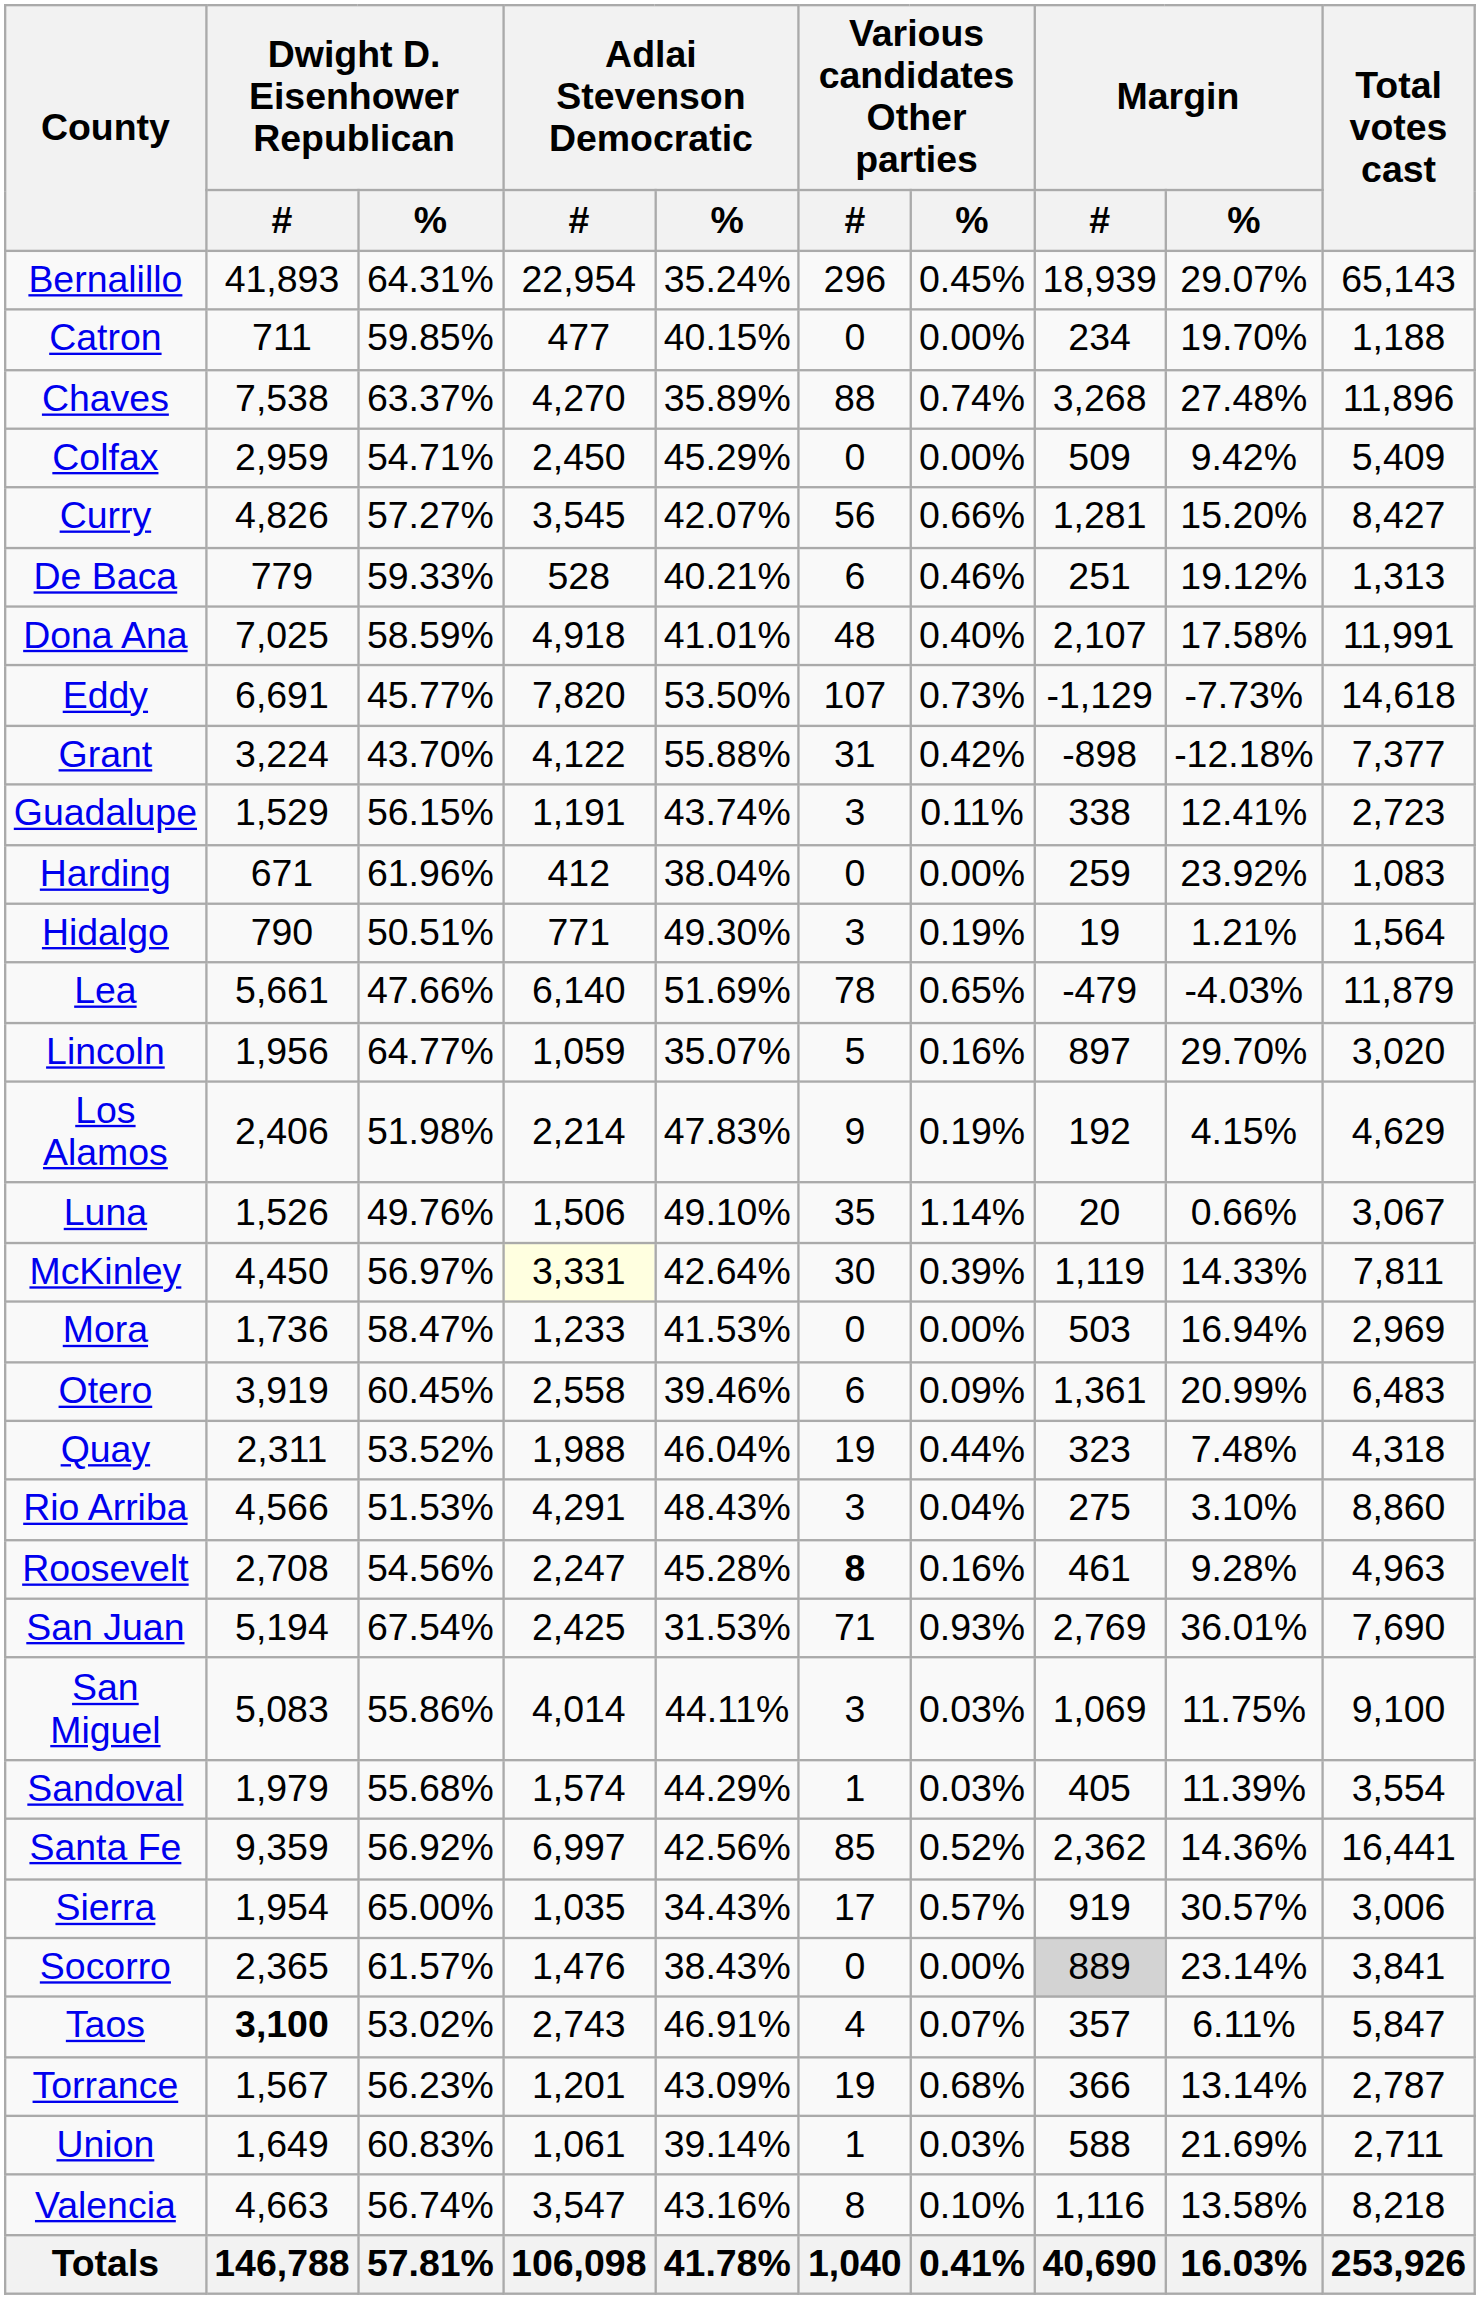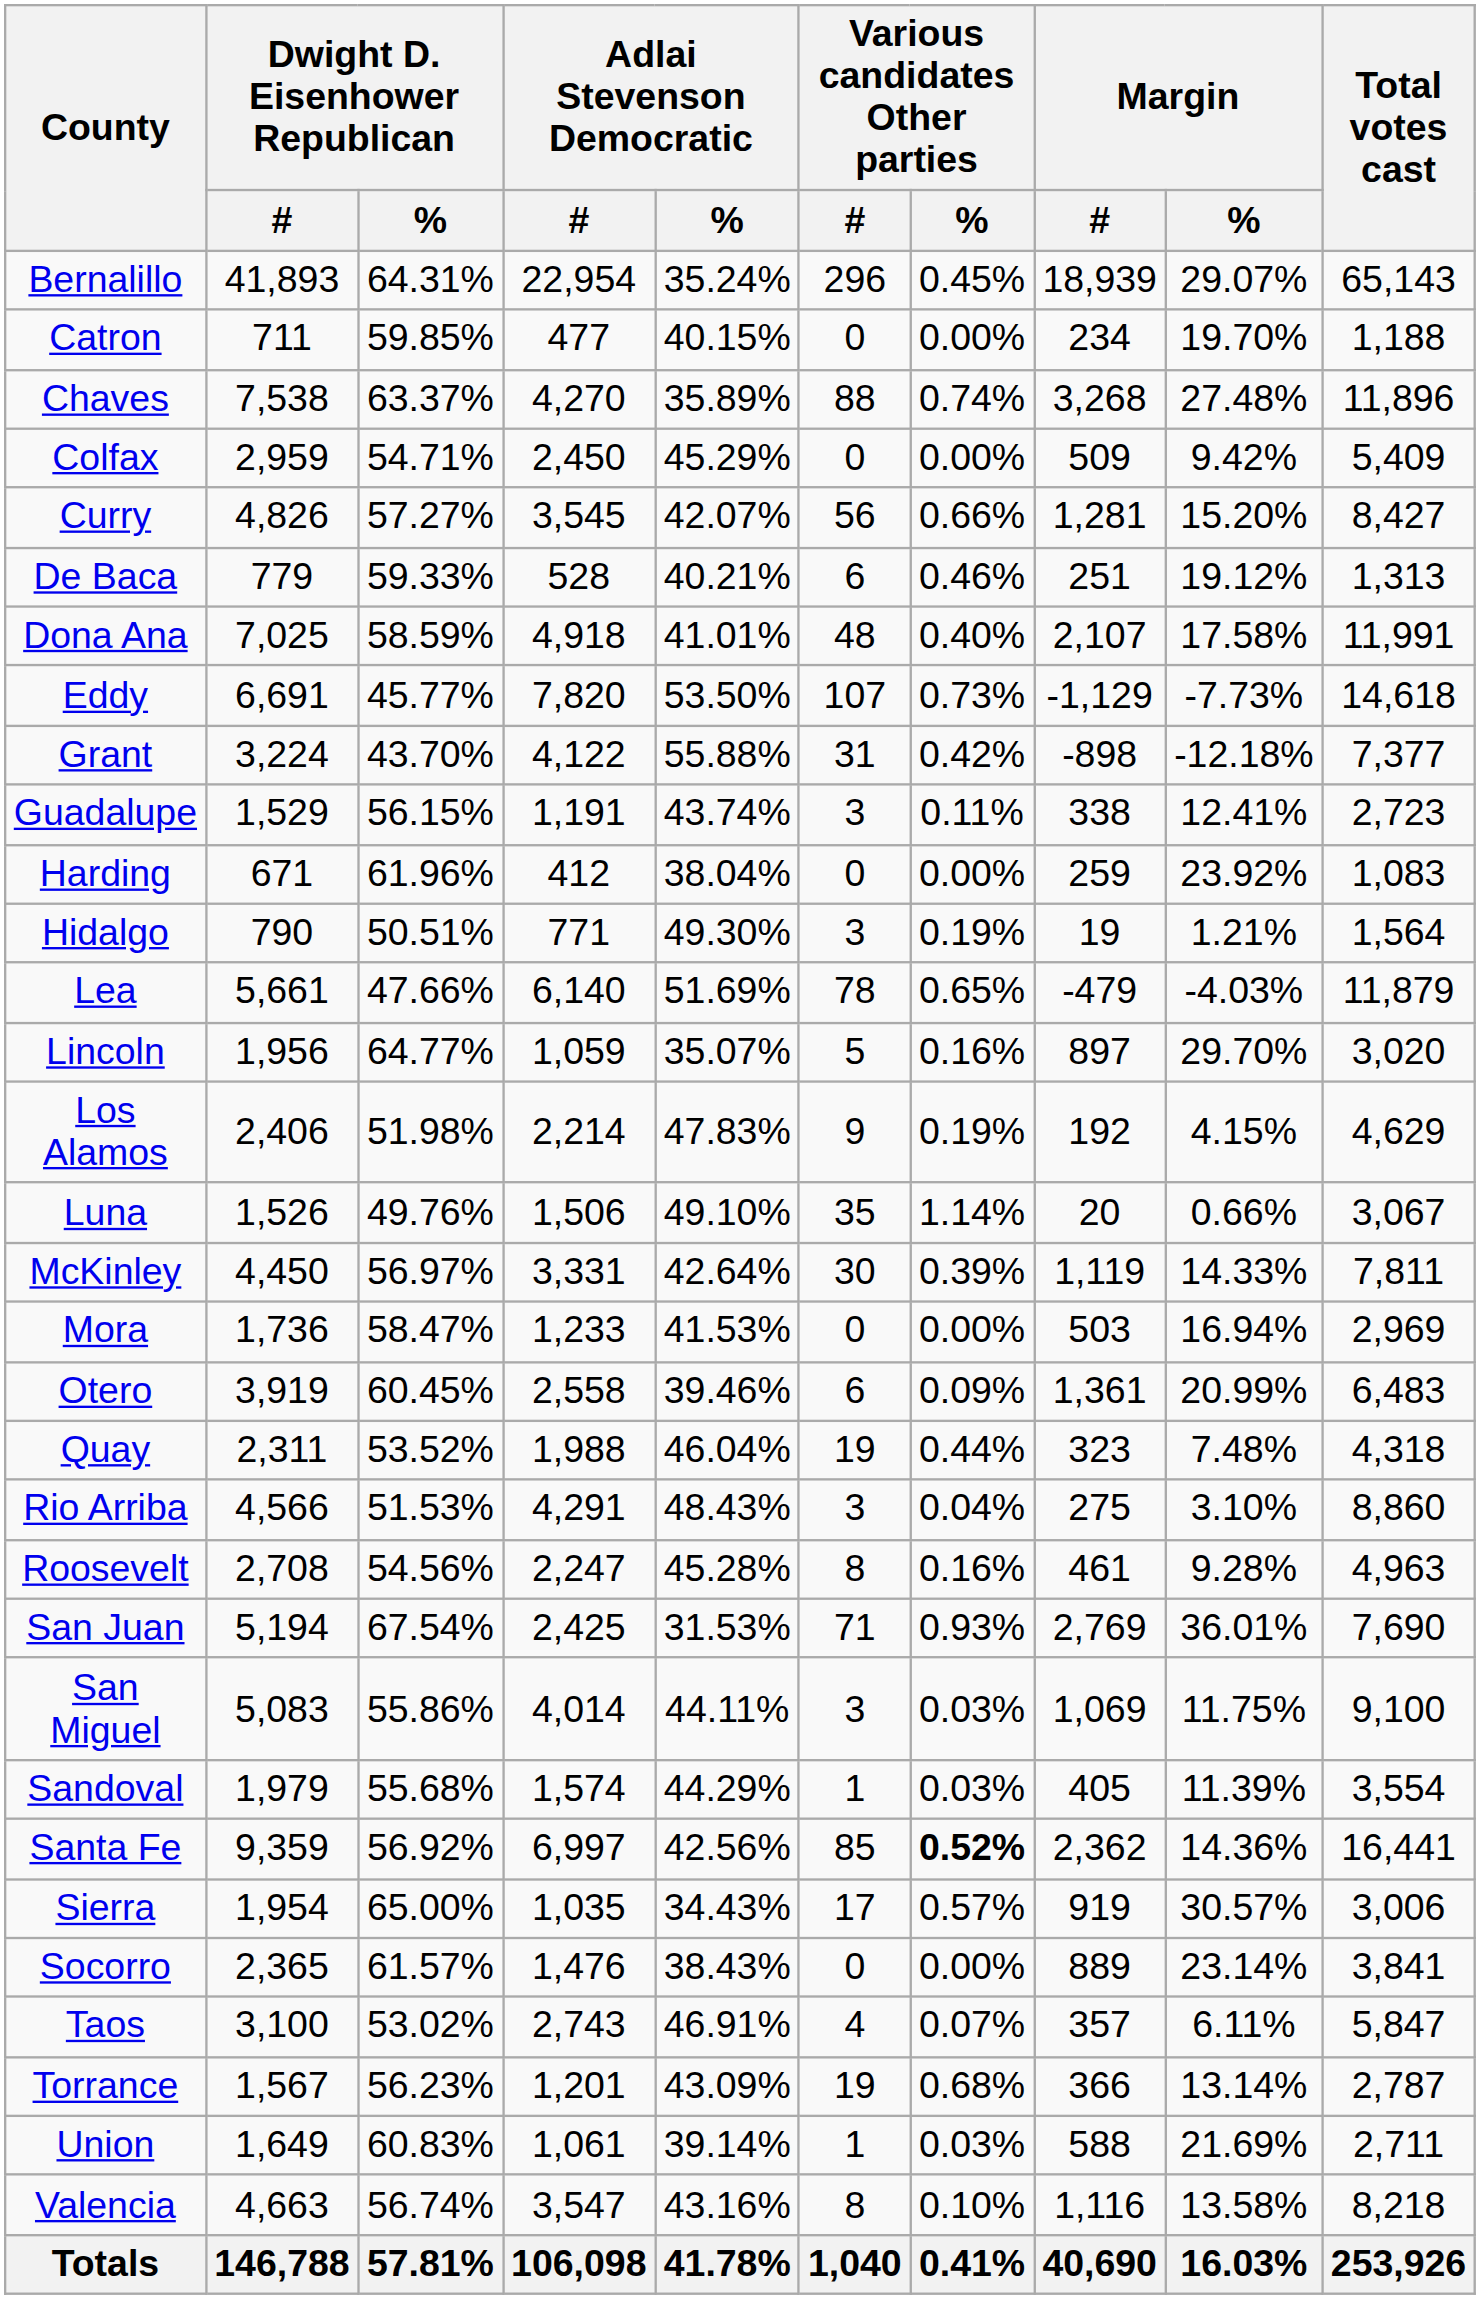 <table width="60%"  class="wikitable sortable" style="text-align:center">
 <tr>
 <th style="text-align:center;" rowspan="2">County</th>
 <th style="text-align:center;" colspan="2">Dwight D. Eisenhower<br>Republican</th>
 <th style="text-align:center;" colspan="2">Adlai Stevenson<br>Democratic</th>
 <th style="text-align:center;" colspan="2">Various candidates<br>Other parties</th>
 <th style="text-align:center;" colspan="2">Margin</th>
 <th style="text-align:center;" rowspan="2">Total votes cast</th>
 </tr>
 <tr>
 <th style="text-align:center;" data-sort-type="number">#</th>
 <th style="text-align:center;" data-sort-type="number">%</th>
 <th style="text-align:center;" data-sort-type="number">#</th>
 <th style="text-align:center;" data-sort-type="number">%</th>
 <th style="text-align:center;" data-sort-type="number">#</th>
 <th style="text-align:center;" data-sort-type="number">%</th>
 <th style="text-align:center;" data-sort-type="number">#</th>
 <th style="text-align:center;" data-sort-type="number">%</th>
 </tr>
 <tr style="text-align:center;">
 <td><a href='#'>Bernalillo</a></td>
 <td>41,893</td>
 <td>64.31%</td>
 <td>22,954</td>
 <td>35.24%</td>
 <td>296</td>
 <td>0.45%</td>
 <td>18,939</td>
 <td>29.07%</td>
 <td>65,143</td>
 </tr>
 <tr style="text-align:center;">
 <td><a href='#'>Catron</a></td>
 <td>711</td>
 <td>59.85%</td>
 <td>477</td>
 <td>40.15%</td>
 <td>0</td>
 <td>0.00%</td>
 <td>234</td>
 <td>19.70%</td>
 <td>1,188</td>
 </tr>
 <tr style="text-align:center;">
 <td><a href='#'>Chaves</a></td>
 <td>7,538</td>
 <td>63.37%</td>
 <td>4,270</td>
 <td>35.89%</td>
 <td>88</td>
 <td>0.74%</td>
 <td>3,268</td>
 <td>27.48%</td>
 <td>11,896</td>
 </tr>
 <tr style="text-align:center;">
 <td><a href='#'>Colfax</a></td>
 <td>2,959</td>
 <td>54.71%</td>
 <td>2,450</td>
 <td>45.29%</td>
 <td>0</td>
 <td>0.00%</td>
 <td>509</td>
 <td>9.42%</td>
 <td>5,409</td>
 </tr>
 <tr style="text-align:center;">
 <td><a href='#'>Curry</a></td>
 <td>4,826</td>
 <td>57.27%</td>
 <td>3,545</td>
 <td>42.07%</td>
 <td>56</td>
 <td>0.66%</td>
 <td>1,281</td>
 <td>15.20%</td>
 <td>8,427</td>
 </tr>
 <tr style="text-align:center;">
 <td><a href='#'>De Baca</a></td>
 <td>779</td>
 <td>59.33%</td>
 <td>528</td>
 <td>40.21%</td>
 <td>6</td>
 <td>0.46%</td>
 <td>251</td>
 <td>19.12%</td>
 <td>1,313</td>
 </tr>
 <tr style="text-align:center;">
 <td><a href='#'>Dona Ana</a></td>
 <td>7,025</td>
 <td>58.59%</td>
 <td>4,918</td>
 <td>41.01%</td>
 <td>48</td>
 <td>0.40%</td>
 <td>2,107</td>
 <td>17.58%</td>
 <td>11,991</td>
 </tr>
 <tr style="text-align:center;">
 <td><a href='#'>Eddy</a></td>
 <td>6,691</td>
 <td>45.77%</td>
 <td>7,820</td>
 <td>53.50%</td>
 <td>107</td>
 <td>0.73%</td>
 <td>-1,129</td>
 <td>-7.73%</td>
 <td>14,618</td>
 </tr>
 <tr style="text-align:center;">
 <td><a href='#'>Grant</a></td>
 <td>3,224</td>
 <td>43.70%</td>
 <td>4,122</td>
 <td>55.88%</td>
 <td>31</td>
 <td>0.42%</td>
 <td>-898</td>
 <td>-12.18%</td>
 <td>7,377</td>
 </tr>
 <tr style="text-align:center;">
 <td><a href='#'>Guadalupe</a></td>
 <td>1,529</td>
 <td>56.15%</td>
 <td>1,191</td>
 <td>43.74%</td>
 <td>3</td>
 <td>0.11%</td>
 <td>338</td>
 <td>12.41%</td>
 <td>2,723</td>
 </tr>
 <tr style="text-align:center;">
 <td><a href='#'>Harding</a></td>
 <td>671</td>
 <td>61.96%</td>
 <td>412</td>
 <td>38.04%</td>
 <td>0</td>
 <td>0.00%</td>
 <td>259</td>
 <td>23.92%</td>
 <td>1,083</td>
 </tr>
 <tr style="text-align:center;">
 <td><a href='#'>Hidalgo</a></td>
 <td>790</td>
 <td>50.51%</td>
 <td>771</td>
 <td>49.30%</td>
 <td>3</td>
 <td>0.19%</td>
 <td>19</td>
 <td>1.21%</td>
 <td>1,564</td>
 </tr>
 <tr style="text-align:center;">
 <td><a href='#'>Lea</a></td>
 <td>5,661</td>
 <td>47.66%</td>
 <td>6,140</td>
 <td>51.69%</td>
 <td>78</td>
 <td>0.65%</td>
 <td>-479</td>
 <td>-4.03%</td>
 <td>11,879</td>
 </tr>
 <tr style="text-align:center;">
 <td><a href='#'>Lincoln</a></td>
 <td>1,956</td>
 <td>64.77%</td>
 <td>1,059</td>
 <td>35.07%</td>
 <td>5</td>
 <td>0.16%</td>
 <td>897</td>
 <td>29.70%</td>
 <td>3,020</td>
 </tr>
 <tr style="text-align:center;">
 <td><a href='#'>Los Alamos</a></td>
 <td>2,406</td>
 <td>51.98%</td>
 <td>2,214</td>
 <td>47.83%</td>
 <td>9</td>
 <td>0.19%</td>
 <td>192</td>
 <td>4.15%</td>
 <td>4,629</td>
 </tr>
 <tr style="text-align:center;">
 <td><a href='#'>Luna</a></td>
 <td>1,526</td>
 <td>49.76%</td>
 <td>1,506</td>
 <td>49.10%</td>
 <td>35</td>
 <td>1.14%</td>
 <td>20</td>
 <td>0.66%</td>
 <td>3,067</td>
 </tr>
 <tr style="text-align:center;">
 <td><a href='#'>McKinley</a></td>
 <td>4,450</td>
 <td>56.97%</td>
-<td style="background: lightyellow;">3,331</td>
+<td>3,331</td>
 <td>42.64%</td>
 <td>30</td>
 <td>0.39%</td>
 <td>1,119</td>
 <td>14.33%</td>
 <td>7,811</td>
 </tr>
 <tr style="text-align:center;">
 <td><a href='#'>Mora</a></td>
 <td>1,736</td>
 <td>58.47%</td>
 <td>1,233</td>
 <td>41.53%</td>
 <td>0</td>
 <td>0.00%</td>
 <td>503</td>
 <td>16.94%</td>
 <td>2,969</td>
 </tr>
 <tr style="text-align:center;">
 <td><a href='#'>Otero</a></td>
 <td>3,919</td>
 <td>60.45%</td>
 <td>2,558</td>
 <td>39.46%</td>
 <td>6</td>
 <td>0.09%</td>
 <td>1,361</td>
 <td>20.99%</td>
 <td>6,483</td>
 </tr>
 <tr style="text-align:center;">
 <td><a href='#'>Quay</a></td>
 <td>2,311</td>
 <td>53.52%</td>
 <td>1,988</td>
 <td>46.04%</td>
 <td>19</td>
 <td>0.44%</td>
 <td>323</td>
 <td>7.48%</td>
 <td>4,318</td>
 </tr>
 <tr style="text-align:center;">
 <td><a href='#'>Rio Arriba</a></td>
 <td>4,566</td>
 <td>51.53%</td>
 <td>4,291</td>
 <td>48.43%</td>
 <td>3</td>
 <td>0.04%</td>
 <td>275</td>
 <td>3.10%</td>
 <td>8,860</td>
 </tr>
 <tr style="text-align:center;">
 <td><a href='#'>Roosevelt</a></td>
 <td>2,708</td>
 <td>54.56%</td>
 <td>2,247</td>
 <td>45.28%</td>
-<td><strong>8</strong></td>
+<td>8</td>
 <td>0.16%</td>
 <td>461</td>
 <td>9.28%</td>
 <td>4,963</td>
 </tr>
 <tr style="text-align:center;">
 <td><a href='#'>San Juan</a></td>
 <td>5,194</td>
 <td>67.54%</td>
 <td>2,425</td>
 <td>31.53%</td>
 <td>71</td>
 <td>0.93%</td>
 <td>2,769</td>
 <td>36.01%</td>
 <td>7,690</td>
 </tr>
 <tr style="text-align:center;">
 <td><a href='#'>San Miguel</a></td>
 <td>5,083</td>
 <td>55.86%</td>
 <td>4,014</td>
 <td>44.11%</td>
 <td>3</td>
 <td>0.03%</td>
 <td>1,069</td>
 <td>11.75%</td>
 <td>9,100</td>
 </tr>
 <tr style="text-align:center;">
 <td><a href='#'>Sandoval</a></td>
 <td>1,979</td>
 <td>55.68%</td>
 <td>1,574</td>
 <td>44.29%</td>
 <td>1</td>
 <td>0.03%</td>
 <td>405</td>
 <td>11.39%</td>
 <td>3,554</td>
 </tr>
 <tr style="text-align:center;">
 <td><a href='#'>Santa Fe</a></td>
 <td>9,359</td>
 <td>56.92%</td>
 <td>6,997</td>
 <td>42.56%</td>
 <td>85</td>
-<td>0.52%</td>
+<td><strong>0.52%</strong></td>
 <td>2,362</td>
 <td>14.36%</td>
 <td>16,441</td>
 </tr>
 <tr style="text-align:center;">
 <td><a href='#'>Sierra</a></td>
 <td>1,954</td>
 <td>65.00%</td>
 <td>1,035</td>
 <td>34.43%</td>
 <td>17</td>
 <td>0.57%</td>
 <td>919</td>
 <td>30.57%</td>
 <td>3,006</td>
 </tr>
 <tr style="text-align:center;">
 <td><a href='#'>Socorro</a></td>
 <td>2,365</td>
 <td>61.57%</td>
 <td>1,476</td>
 <td>38.43%</td>
 <td>0</td>
 <td>0.00%</td>
-<td style="background: lightgrey;">889</td>
+<td>889</td>
 <td>23.14%</td>
 <td>3,841</td>
 </tr>
 <tr style="text-align:center;">
 <td><a href='#'>Taos</a></td>
-<td><strong>3,100</strong></td>
+<td>3,100</td>
 <td>53.02%</td>
 <td>2,743</td>
 <td>46.91%</td>
 <td>4</td>
 <td>0.07%</td>
 <td>357</td>
 <td>6.11%</td>
 <td>5,847</td>
 </tr>
 <tr style="text-align:center;">
 <td><a href='#'>Torrance</a></td>
 <td>1,567</td>
 <td>56.23%</td>
 <td>1,201</td>
 <td>43.09%</td>
 <td>19</td>
 <td>0.68%</td>
 <td>366</td>
 <td>13.14%</td>
 <td>2,787</td>
 </tr>
 <tr style="text-align:center;">
 <td><a href='#'>Union</a></td>
 <td>1,649</td>
 <td>60.83%</td>
 <td>1,061</td>
 <td>39.14%</td>
 <td>1</td>
 <td>0.03%</td>
 <td>588</td>
 <td>21.69%</td>
 <td>2,711</td>
 </tr>
 <tr style="text-align:center;">
 <td><a href='#'>Valencia</a></td>
 <td>4,663</td>
 <td>56.74%</td>
 <td>3,547</td>
 <td>43.16%</td>
 <td>8</td>
 <td>0.10%</td>
 <td>1,116</td>
 <td>13.58%</td>
 <td>8,218</td>
 </tr>
 <tr>
 <th>Totals</th>
 <th>146,788</th>
 <th>57.81%</th>
 <th>106,098</th>
 <th>41.78%</th>
 <th>1,040</th>
 <th>0.41%</th>
 <th>40,690</th>
 <th>16.03%</th>
 <th>253,926</th>
 </tr>
 </table>
